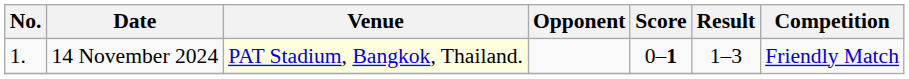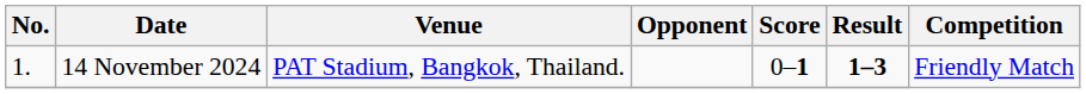 <table class="wikitable" style="font-size:100%;">
 <tr>
 <th>No.</th>
 <th>Date</th>
 <th>Venue</th>
 <th>Opponent</th>
 <th>Score</th>
 <th>Result</th>
 <th>Competition</th>
 </tr>
 <tr>
 <td>1.</td>
 <td>14 November 2024</td>
-<td style="background: lightyellow;"><a href='#'>PAT Stadium</a>, <a href='#'>Bangkok</a>, Thailand.</td>
+<td><a href='#'>PAT Stadium</a>, <a href='#'>Bangkok</a>, Thailand.</td>
 <td></td>
 <td align=center>0–<strong>1</strong></td>
-<td align=center>1–3</td>
+<td align=center><strong>1–3</strong></td>
 <td rowspan=5><a href='#'>Friendly Match</a></td>
 </tr>
 <tr>
 </tr>
 </table>
